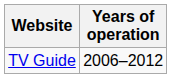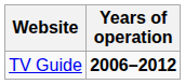 <table class="wikitable">
 <tr>
 <th>Website</th>
 <th>Years of<br>operation</th>
 </tr>
 <tr>
 <td><a href='#'>TV Guide</a></td>
-<td>2006–2012</td>
+<td><strong>2006–2012</strong></td>
 </tr>
 </table>
